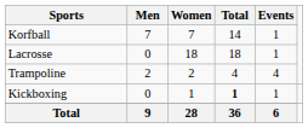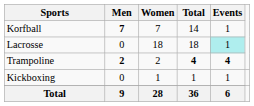 <table class="wikitable sortable" style="text-align:center;">
 <tr>
 <th width=150>Sports</th>
 <th width=45>Men</th>
 <th width=45>Women</th>
 <th width=45>Total</th>
 <th width=45>Events</th>
 </tr>
 <tr>
 <td align=left>Korfball</td>
-<td>7</td>
+<td><strong>7</strong></td>
 <td>7</td>
 <td>14</td>
 <td>1</td>
 </tr>
 <tr>
 <td align=left>Lacrosse</td>
 <td>0</td>
 <td>18</td>
 <td>18</td>
-<td>1</td>
+<td style="background: paleturquoise;">1</td>
 </tr>
 <tr>
 <td align=left>Trampoline</td>
+<td><strong>2</strong></td>
 <td>2</td>
-<td>2</td>
-<td>4</td>
-<td>4</td>
+<td><strong>4</strong></td>
+<td><strong>4</strong></td>
 </tr>
 <tr>
 <td align=left>Kickboxing</td>
 <td>0</td>
 <td>1</td>
-<td><strong>1</strong></td>
+<td>1</td>
 <td>1</td>
 <td></td>
 </tr>
 <tr>
 </tr>
 <tr class="sortbottom">
 <th>Total</th>
 <th>9</th>
 <th>28</th>
 <th>36</th>
 <th>6</th>
 </tr>
 </table>
